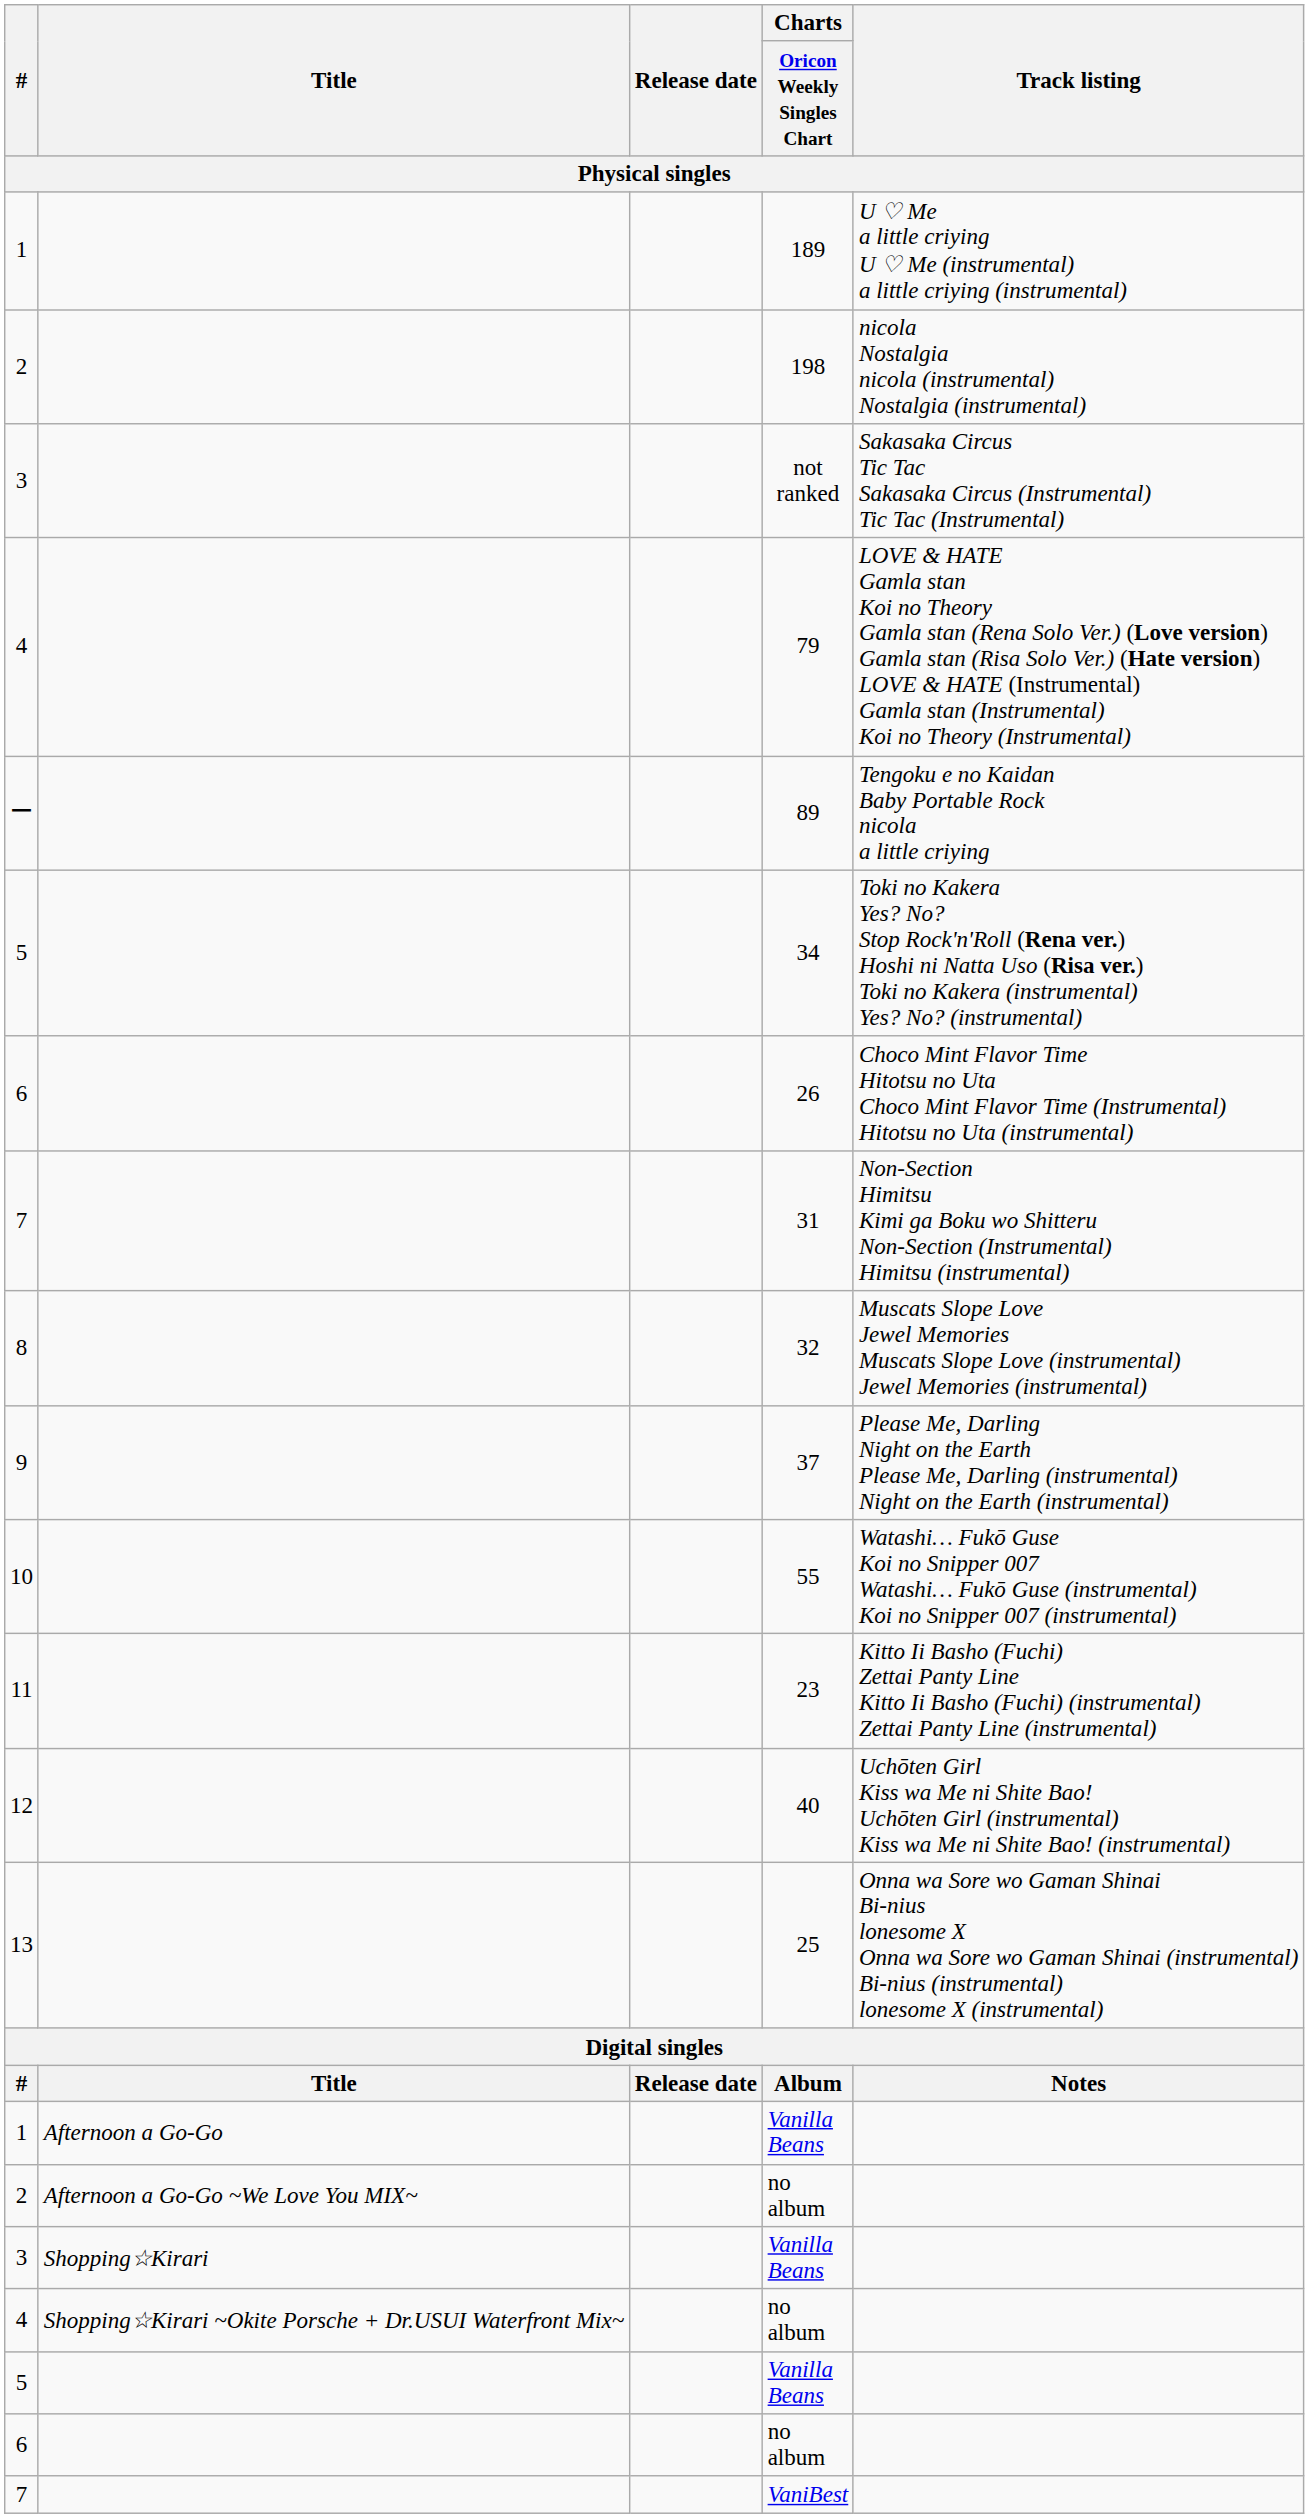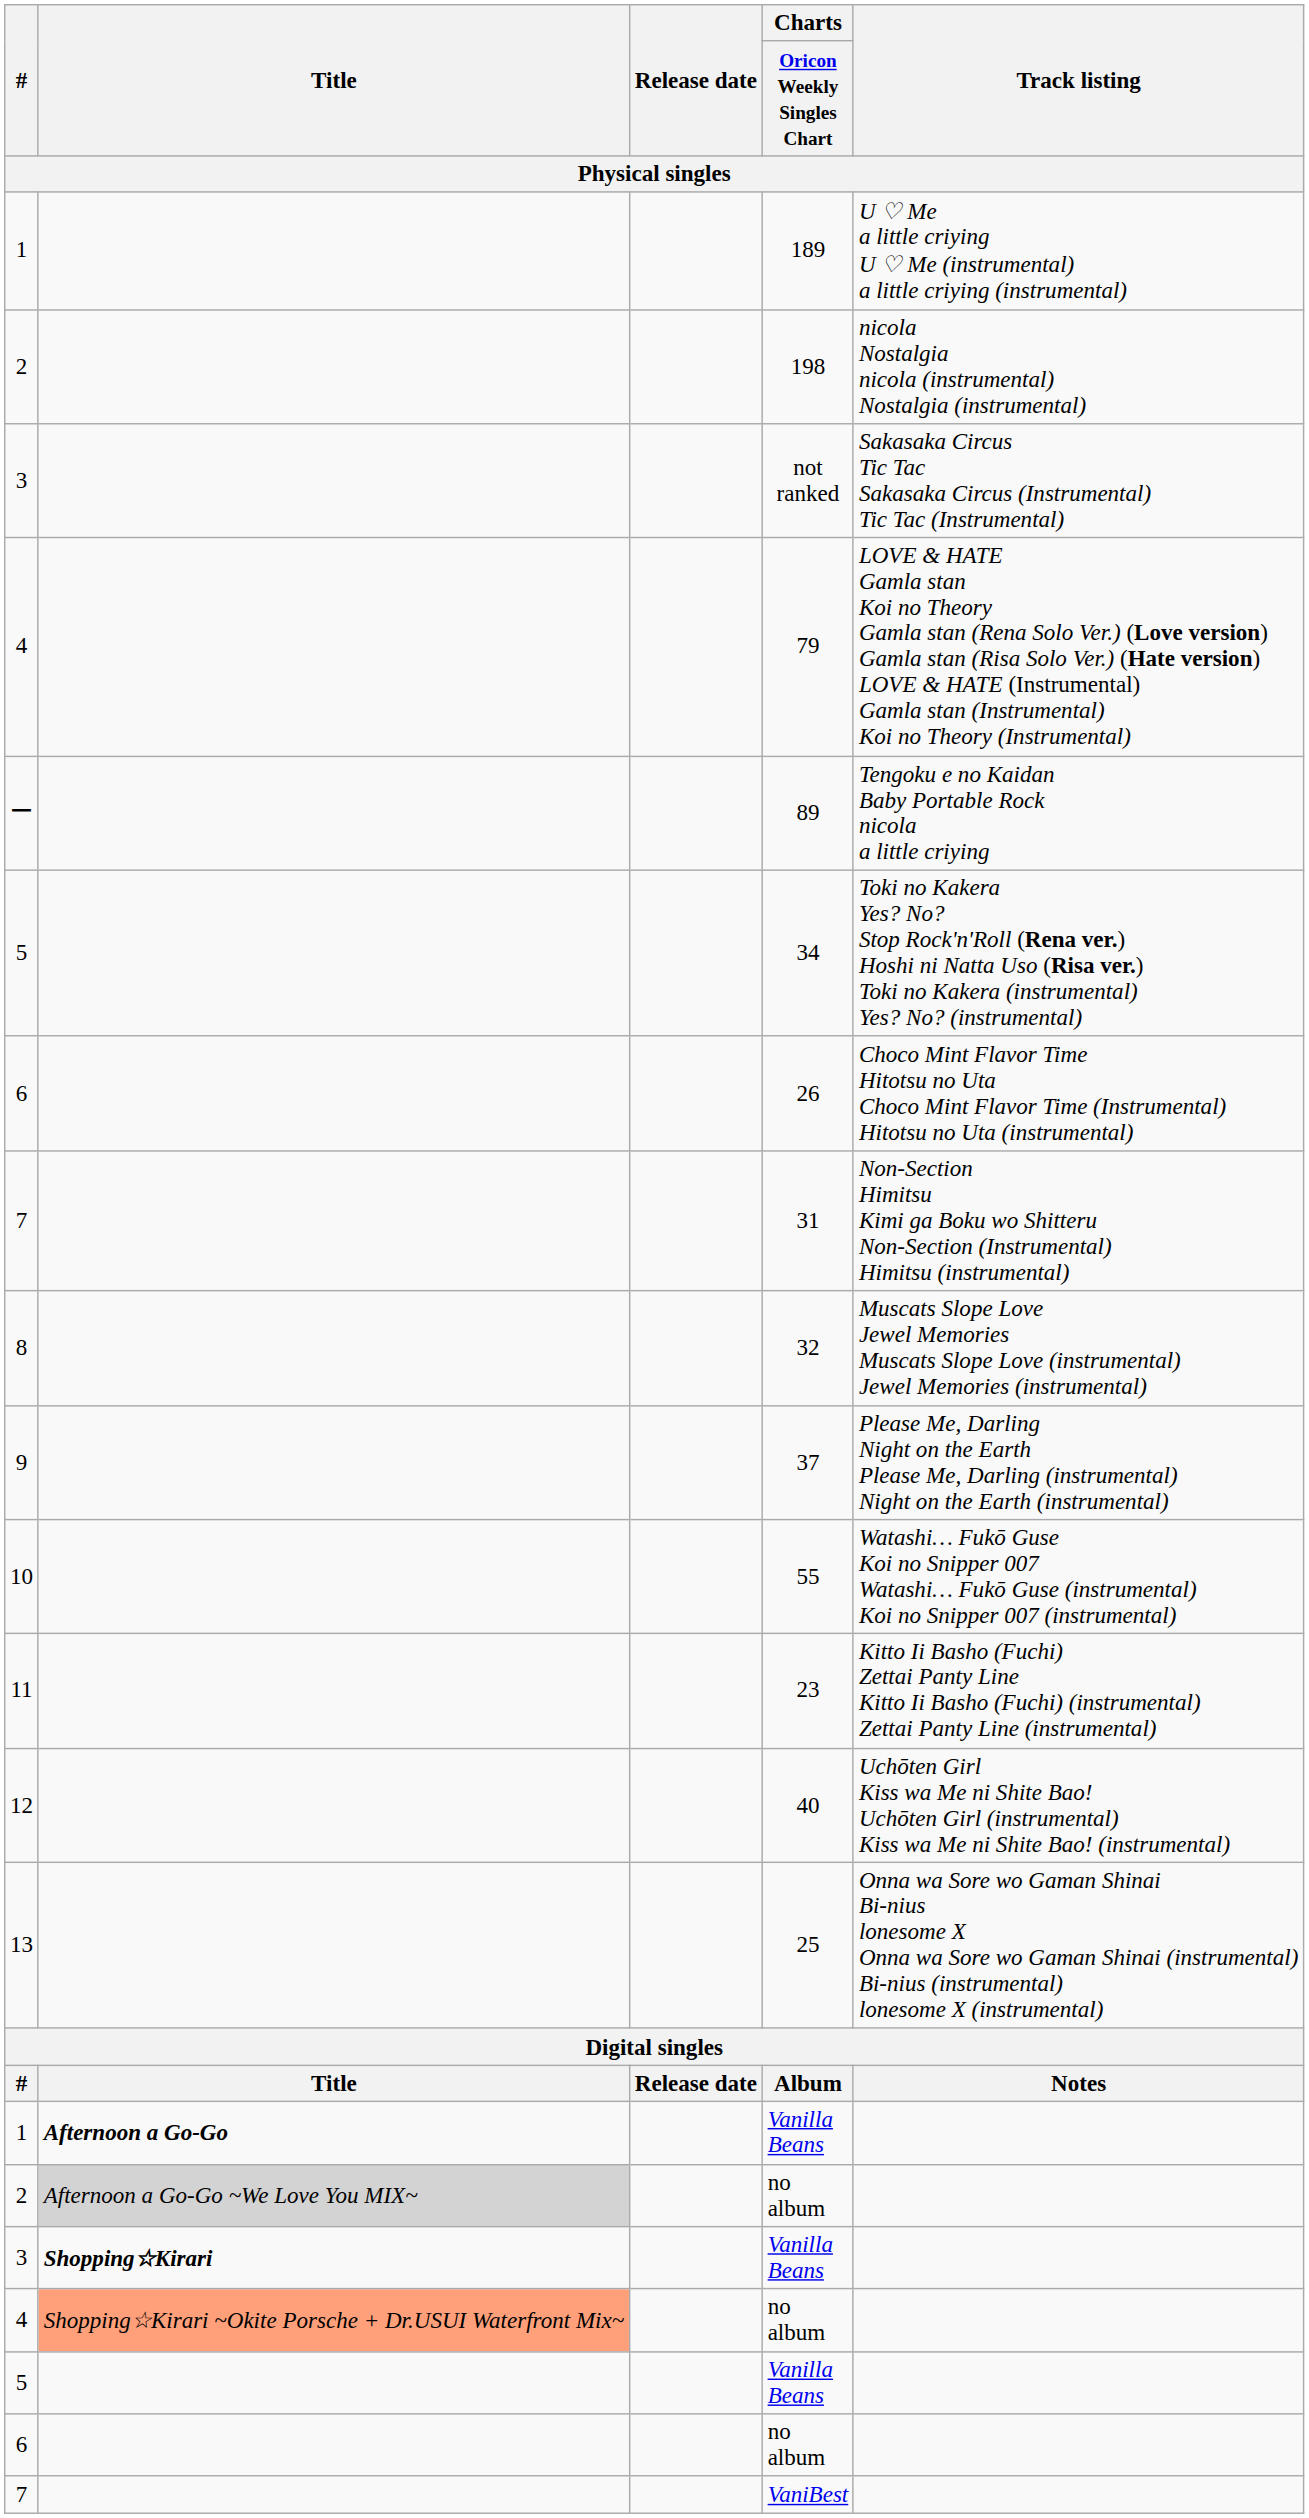 <table class="wikitable">
 <tr>
 <th rowspan="2">#</th>
 <th rowspan="2">Title</th>
 <th rowspan="2">Release date</th>
 <th colspan="1">Charts</th>
 <th rowspan="2">Track listing</th>
 </tr>
 <tr>
 <th><small><a href='#'>Oricon</a><br>Weekly<br>Singles<br>Chart</small></th>
 </tr>
 <tr>
 <th colspan="13">Physical singles</th>
 </tr>
 <tr>
 <td align="center">1</td>
 <td align="left"></td>
 <td align="right"></td>
 <td align="center" width="45">189</td>
 <td><em>U ♡ Me</em><br><em>a little criying</em><br><em>U ♡ Me (instrumental)</em><br><em>a little criying (instrumental)</em></td>
 </tr>
 <tr>
 <td align="center">2</td>
 <td align="left"></td>
 <td align="right"></td>
 <td align="center" width="45">198</td>
 <td><em>nicola</em><br><em>Nostalgia</em><br><em>nicola (instrumental)</em><br><em>Nostalgia (instrumental)</em></td>
 </tr>
 <tr>
 <td align="center">3</td>
 <td align="left"></td>
 <td align="right"></td>
 <td align="center" width="45">not ranked</td>
 <td><em>Sakasaka Circus</em><br><em>Tic Tac</em><br><em>Sakasaka Circus (Instrumental)</em><br><em>Tic Tac (Instrumental)</em></td>
 </tr>
 <tr>
 <td align="center">4</td>
 <td align="left"></td>
 <td align="right"></td>
 <td align="center" width="45">79</td>
 <td><em>LOVE & HATE</em><br><em>Gamla stan</em><br><em>Koi no Theory</em><br><em>Gamla stan (Rena Solo Ver.)</em> (<strong>Love version</strong>)<br><em>Gamla stan (Risa Solo Ver.)</em> (<strong>Hate version</strong>)<br><em>LOVE & HATE</em> (Instrumental)<br><em>Gamla stan (Instrumental)</em><br><em>Koi no Theory (Instrumental)</em></td>
 </tr>
 <tr>
 <td align="center">ー</td>
 <td align="left"></td>
 <td align="right"></td>
 <td align="center" width="45">89</td>
 <td><em>Tengoku e no Kaidan</em><br><em>Baby Portable Rock</em><br><em>nicola</em><br><em>a little criying</em></td>
 </tr>
 <tr>
 <td align="center">5</td>
 <td align="left"></td>
 <td align="right"></td>
 <td align="center" width="45">34</td>
 <td><em>Toki no Kakera</em><br><em>Yes? No?</em><br><em>Stop Rock'n'Roll</em> (<strong>Rena ver.</strong>)<br><em>Hoshi ni Natta Uso</em> (<strong>Risa ver.</strong>)<br><em>Toki no Kakera (instrumental)</em><br><em>Yes? No? (instrumental)</em></td>
 </tr>
 <tr>
 <td align="center">6</td>
 <td align="left"></td>
 <td align="right"></td>
 <td align="center" width="45">26</td>
 <td><em>Choco Mint Flavor Time</em><br><em>Hitotsu no Uta</em><br><em>Choco Mint Flavor Time (Instrumental)</em><br><em>Hitotsu no Uta (instrumental)</em></td>
 </tr>
 <tr>
 <td align="center">7</td>
 <td align="left"></td>
 <td align="right"></td>
 <td align="center" width="45">31</td>
 <td><em>Non-Section</em><br><em>Himitsu</em><br><em>Kimi ga Boku wo Shitteru</em><br><em>Non-Section (Instrumental)</em><br><em>Himitsu (instrumental)</em></td>
 </tr>
 <tr>
 <td align="center">8</td>
 <td align="left"></td>
 <td align="right"></td>
 <td align="center" width="45">32</td>
 <td><em>Muscats Slope Love</em><br><em>Jewel Memories</em><br><em>Muscats Slope Love (instrumental)</em><br><em>Jewel Memories (instrumental)</em></td>
 </tr>
 <tr>
 <td align="center">9</td>
 <td align="left"></td>
 <td align="right"></td>
 <td align="center" width="45">37</td>
 <td><em>Please Me, Darling</em><br><em>Night on the Earth</em><br><em>Please Me, Darling (instrumental)</em><br><em>Night on the Earth (instrumental)</em></td>
 </tr>
 <tr>
 <td align="center">10</td>
 <td align="left"></td>
 <td align="right"></td>
 <td align="center" width="45">55</td>
 <td><em>Watashi… Fukō Guse</em><br><em>Koi no Snipper 007</em><br><em>Watashi… Fukō Guse (instrumental)</em><br><em>Koi no Snipper 007 (instrumental)</em></td>
 </tr>
 <tr>
 <td align="center">11</td>
 <td align="left"></td>
 <td align="right"></td>
 <td align="center" width="45">23</td>
 <td><em>Kitto Ii Basho (Fuchi)</em><br><em>Zettai Panty Line</em><br><em>Kitto Ii Basho (Fuchi) (instrumental)</em><br><em>Zettai Panty Line (instrumental)</em></td>
 </tr>
 <tr>
 <td align="center">12</td>
 <td align="left"></td>
 <td align="right"></td>
 <td align="center" width="45">40</td>
 <td><em>Uchōten Girl</em><br><em>Kiss wa Me ni Shite Bao!</em><br><em>Uchōten Girl (instrumental)</em><br><em>Kiss wa Me ni Shite Bao! (instrumental)</em></td>
 </tr>
 <tr>
 <td align="center">13</td>
 <td align="left"></td>
 <td align="right"></td>
 <td align="center" width="45">25</td>
 <td><em>Onna wa Sore wo Gaman Shinai </em><br><em>Bi-nius</em><br><em>lonesome X<br>Onna wa Sore wo Gaman Shinai (instrumental)<br> Bi-nius (instrumental)</em><br><em>lonesome X (instrumental)</em></td>
 </tr>
 <tr>
 <th colspan="9">Digital singles</th>
 </tr>
 <tr>
 <th rowspan="1">#</th>
 <th rowspan="1">Title</th>
 <th colspan="1">Release date</th>
 <th colspan="1">Album</th>
 <th colspan="1">Notes</th>
 </tr>
 <tr>
 <td align="center">1</td>
-<td align="left"><em>Afternoon a Go-Go</em></td>
+<td align="left"><strong><em>Afternoon a Go-Go</em></strong></td>
 <td align="right"></td>
 <td><em><a href='#'>Vanilla Beans</a></em></td>
 <td></td>
 </tr>
 <tr>
 <td align="center">2</td>
-<td align="left"><em>Afternoon a Go-Go ~We Love You MIX~</em></td>
+<td align="left" style="background: lightgrey;"><em>Afternoon a Go-Go ~We Love You MIX~</em></td>
 <td align="right"></td>
 <td>no album</td>
 <td></td>
 </tr>
 <tr>
 <td align="center">3</td>
-<td align="left"><em>Shopping☆Kirari</em></td>
+<td align="left"><strong><em>Shopping☆Kirari</em></strong></td>
 <td align="right"></td>
 <td><em><a href='#'>Vanilla Beans</a></em></td>
 <td></td>
 </tr>
 <tr>
 <td align="center">4</td>
-<td align="left"><em>Shopping☆Kirari ~Okite Porsche + Dr.USUI Waterfront Mix~</em></td>
+<td align="left" style="background: lightsalmon;"><em>Shopping☆Kirari ~Okite Porsche + Dr.USUI Waterfront Mix~</em></td>
 <td align="right"></td>
 <td>no album</td>
 <td></td>
 </tr>
 <tr>
 <td align="center">5</td>
 <td align="left"></td>
 <td align="right"></td>
 <td><em><a href='#'>Vanilla Beans</a></em></td>
 <td></td>
 </tr>
 <tr>
 <td align="center">6</td>
 <td align="left"></td>
 <td align="right"></td>
 <td>no album</td>
 <td></td>
 </tr>
 <tr>
 <td align="center">7</td>
 <td align="left"></td>
 <td align="right"></td>
 <td><em><a href='#'>VaniBest</a></em></td>
 <td></td>
 </tr>
 </table>
